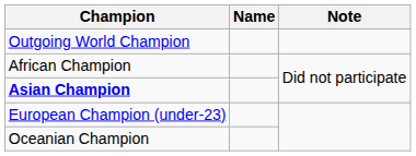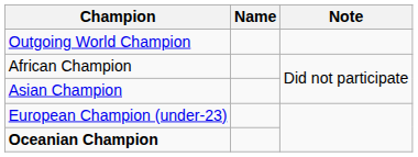 <table class="wikitable">
 <tr>
 <th>Champion</th>
 <th>Name</th>
 <th>Note</th>
 </tr>
 <tr>
 <td><a href='#'>Outgoing World Champion</a></td>
 <td></td>
 </tr>
 <tr>
 <td>African Champion</td>
 <td></td>
 <td rowspan=2>Did not participate</td>
 </tr>
 <tr>
-<td><strong><a href='#'>Asian Champion</a></strong></td>
+<td><a href='#'>Asian Champion</a></td>
 <td></td>
 </tr>
 <tr>
 <td><a href='#'>European Champion (under-23)</a></td>
 <td></td>
 </tr>
 <tr>
-<td>Oceanian Champion</td>
+<td><strong>Oceanian Champion</strong></td>
 <td></td>
 </tr>
 </table>
